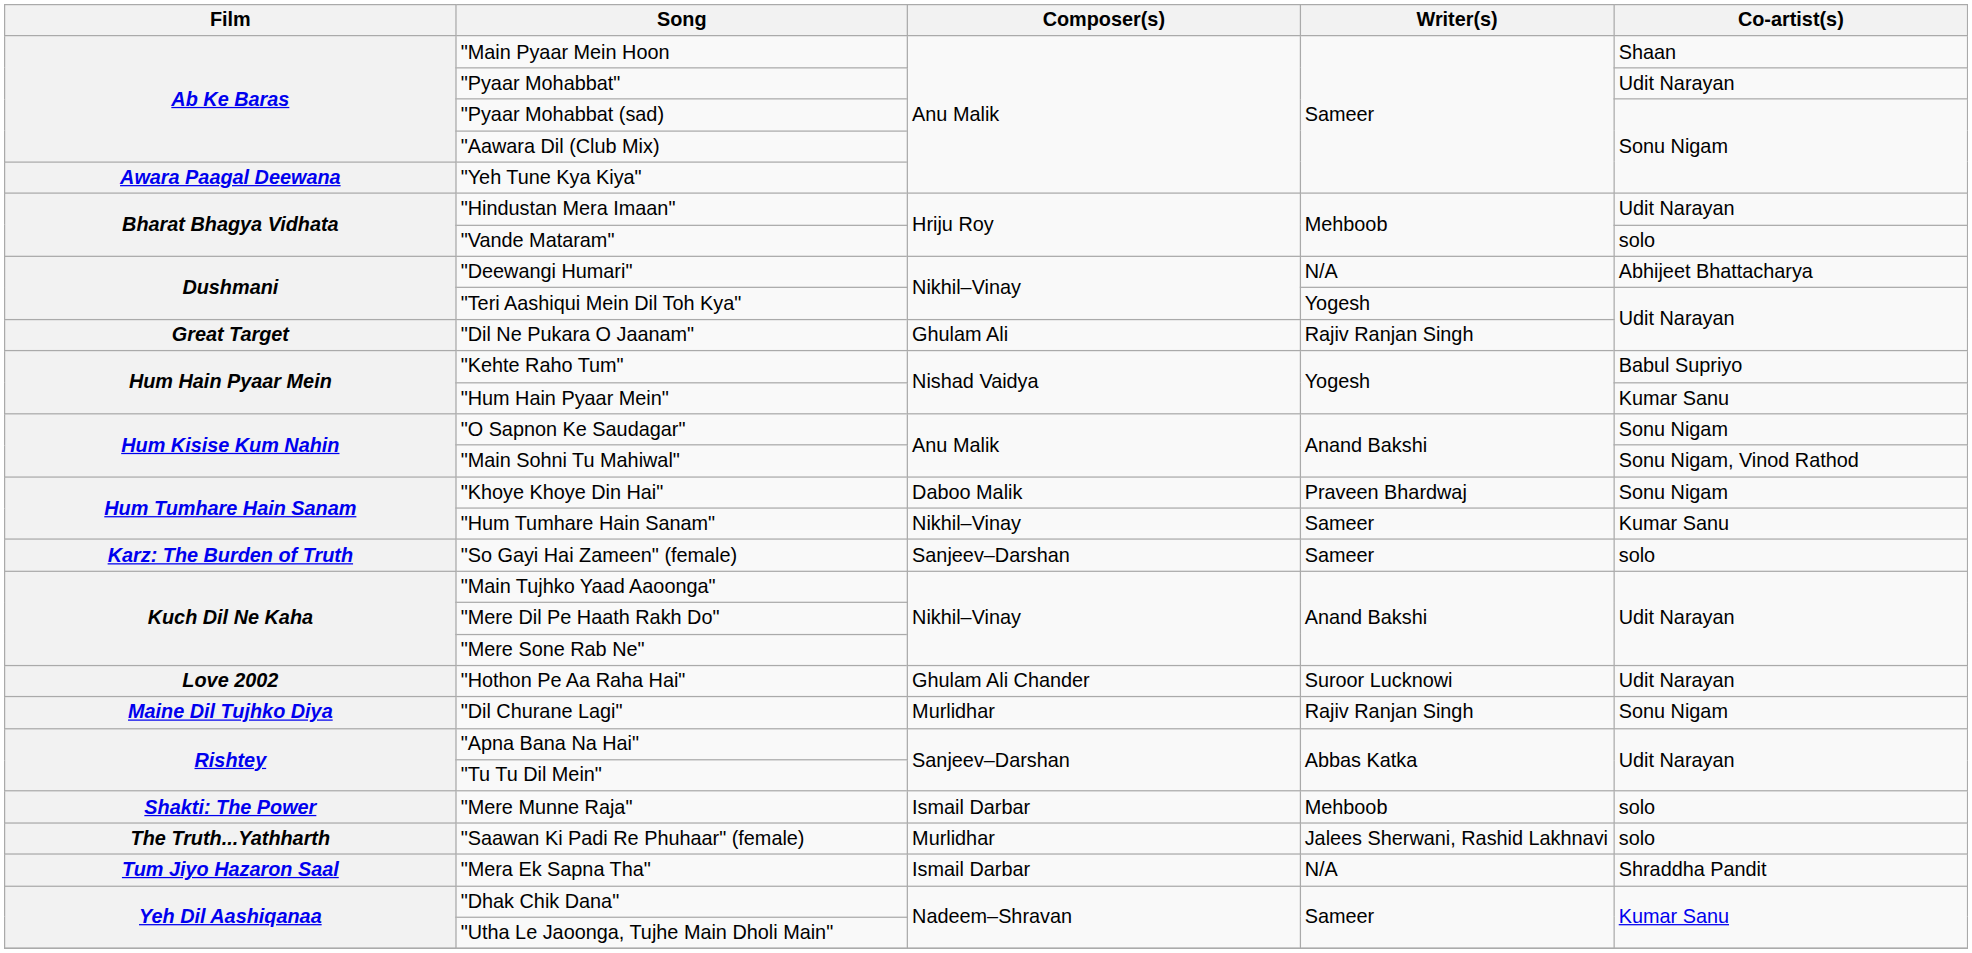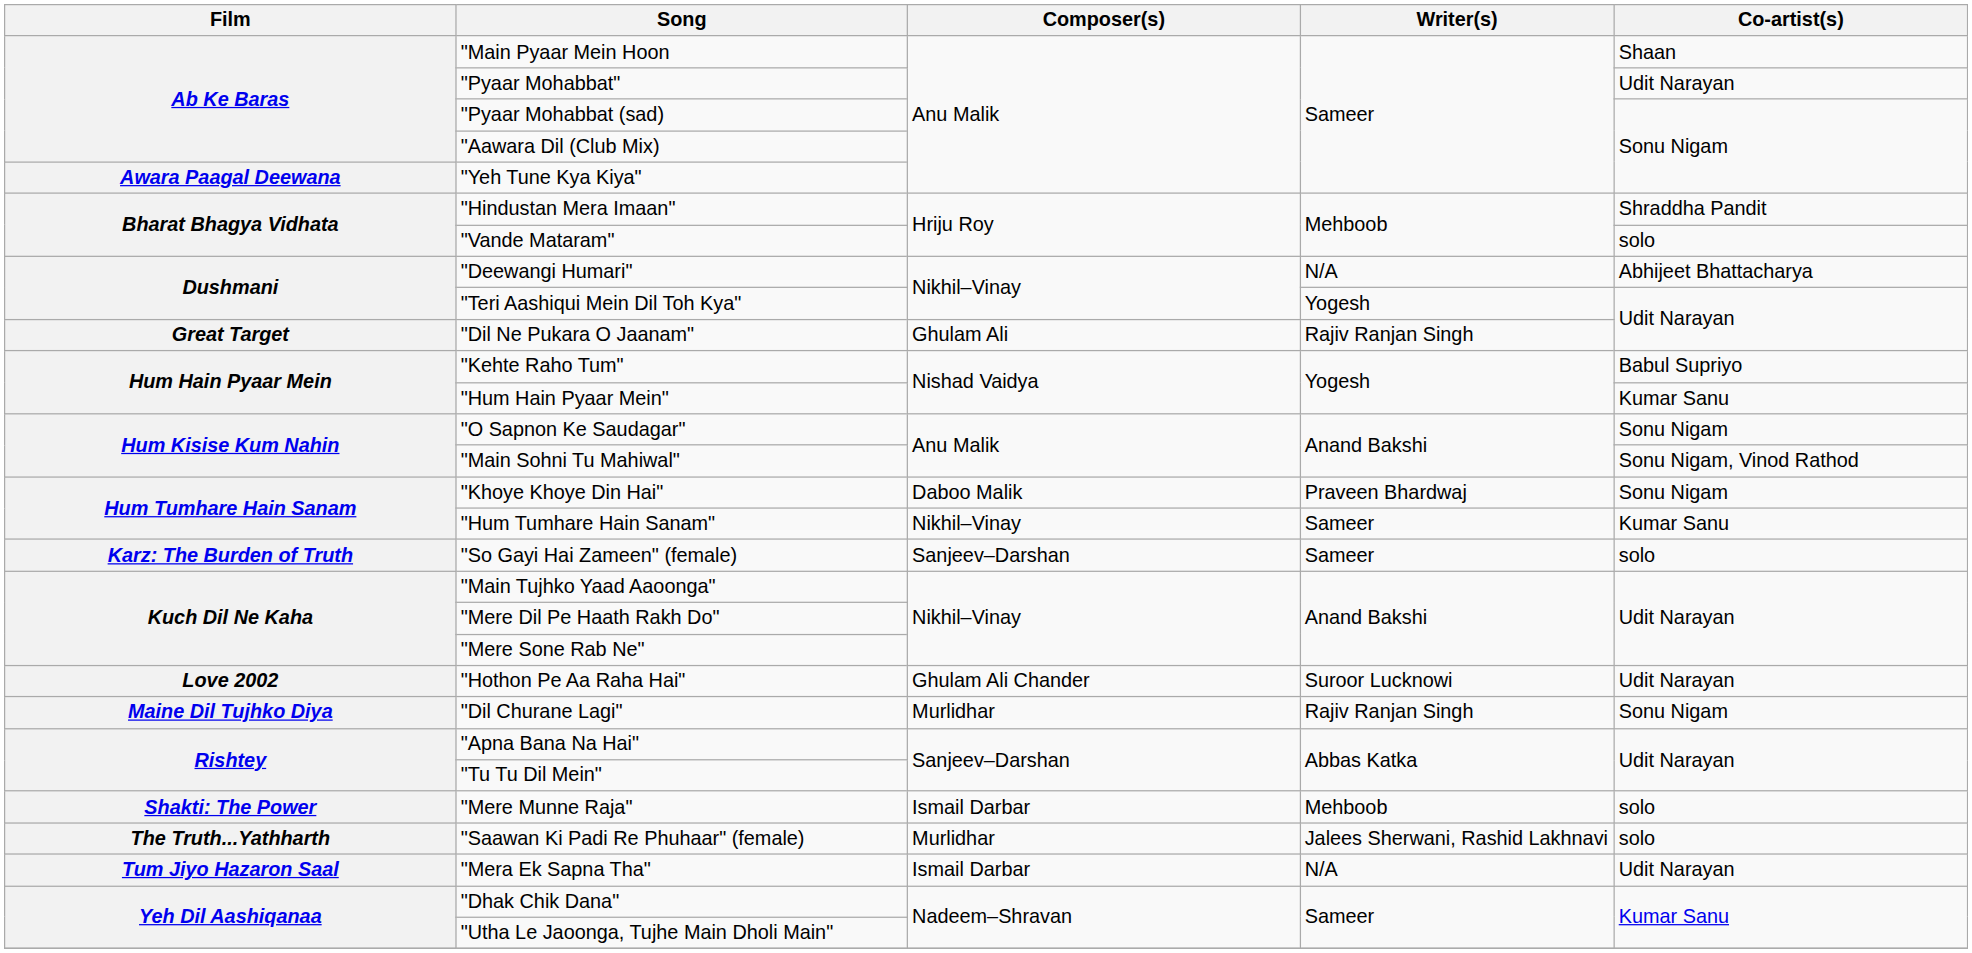 <table class="wikitable plainrowheaders" style="width:100%; textcolor:#000">
 <tr style="background:#b0e0e66;">
 <th scope="col" style="width:23%;"><strong>Film</strong></th>
 <th scope="col" style="width:23%;"><strong>Song</strong></th>
 <th scope="col" style="width:20%;"><strong>Composer(s)</strong></th>
 <th scope="col" style="width:16%;"><strong>Writer(s)</strong></th>
 <th scope="col" style="width:18%;"><strong>Co-artist(s)</strong></th>
 </tr>
 <tr>
 <th Rowspan=4><em><a href='#'>Ab Ke Baras</a></em></th>
 <td>"Main Pyaar Mein Hoon</td>
 <td rowspan=5>Anu Malik</td>
 <td rowspan=5>Sameer</td>
 <td>Shaan</td>
 </tr>
 <tr>
 <td>"Pyaar Mohabbat"</td>
 <td>Udit Narayan</td>
 </tr>
 <tr>
 <td>"Pyaar Mohabbat (sad)</td>
 <td rowspan=3>Sonu Nigam</td>
 </tr>
 <tr>
 <td>"Aawara Dil (Club Mix)</td>
 </tr>
 <tr>
 <th><em><a href='#'>Awara Paagal Deewana</a></em></th>
 <td>"Yeh Tune Kya Kiya"</td>
 </tr>
 <tr>
 <th Rowspan=2><em>Bharat Bhagya Vidhata</em></th>
 <td>"Hindustan Mera Imaan"</td>
 <td rowspan=2>Hriju Roy</td>
 <td Rowspan=2>Mehboob</td>
-<td>Udit Narayan</td>
+<td>Shraddha Pandit</td>
 </tr>
 <tr>
 <td>"Vande Mataram"</td>
 <td>solo</td>
 </tr>
 <tr>
 <th Rowspan=2><em>Dushmani</em></th>
 <td>"Deewangi Humari"</td>
 <td Rowspan=2>Nikhil–Vinay</td>
 <td>N/A</td>
 <td>Abhijeet Bhattacharya</td>
 </tr>
 <tr>
 <td>"Teri Aashiqui Mein Dil Toh Kya"</td>
 <td>Yogesh</td>
 <td rowspan=2>Udit Narayan</td>
 </tr>
 <tr>
 <th><em>Great Target</em></th>
 <td>"Dil Ne Pukara O Jaanam"</td>
 <td>Ghulam Ali</td>
 <td>Rajiv Ranjan Singh</td>
 </tr>
 <tr>
 <th Rowspan=2><em>Hum Hain Pyaar Mein</em></th>
 <td>"Kehte Raho Tum"</td>
 <td rowspan=2>Nishad Vaidya</td>
 <td rowspan=2>Yogesh</td>
 <td>Babul Supriyo</td>
 </tr>
 <tr>
 <td>"Hum Hain Pyaar Mein"</td>
 <td>Kumar Sanu</td>
 </tr>
 <tr>
 <th Rowspan=2><em><a href='#'>Hum Kisise Kum Nahin</a></em></th>
 <td>"O Sapnon Ke Saudagar"</td>
 <td Rowspan=2>Anu Malik</td>
 <td rowspan=2>Anand Bakshi</td>
 <td>Sonu Nigam</td>
 </tr>
 <tr>
 <td>"Main Sohni Tu Mahiwal"</td>
 <td>Sonu Nigam, Vinod Rathod</td>
 </tr>
 <tr>
 <th Rowspan=2><em><a href='#'>Hum Tumhare Hain Sanam</a></em></th>
 <td>"Khoye Khoye Din Hai"</td>
 <td>Daboo Malik</td>
 <td>Praveen Bhardwaj</td>
 <td>Sonu Nigam</td>
 </tr>
 <tr>
 <td>"Hum Tumhare Hain Sanam"</td>
 <td>Nikhil–Vinay</td>
 <td>Sameer</td>
 <td>Kumar Sanu</td>
 </tr>
 <tr>
 <th><em><a href='#'>Karz: The Burden of Truth</a></em></th>
 <td>"So Gayi Hai Zameen" (female)</td>
 <td>Sanjeev–Darshan</td>
 <td>Sameer</td>
 <td>solo</td>
 </tr>
 <tr>
 <th Rowspan=3><em>Kuch Dil Ne Kaha</em></th>
 <td>"Main Tujhko Yaad Aaoonga"</td>
 <td rowspan=3>Nikhil–Vinay</td>
 <td Rowspan=3>Anand Bakshi</td>
 <td rowspan=3>Udit Narayan</td>
 </tr>
 <tr>
 <td>"Mere Dil Pe Haath Rakh Do"</td>
 </tr>
 <tr>
 <td>"Mere Sone Rab Ne"</td>
 </tr>
 <tr>
 <th><em>Love 2002</em></th>
 <td>"Hothon Pe Aa Raha Hai"</td>
 <td>Ghulam Ali Chander</td>
 <td>Suroor Lucknowi</td>
 <td>Udit Narayan</td>
 </tr>
 <tr>
 <th><em><a href='#'>Maine Dil Tujhko Diya</a></em></th>
 <td>"Dil Churane Lagi"</td>
 <td>Murlidhar</td>
 <td>Rajiv Ranjan Singh</td>
 <td>Sonu Nigam</td>
 </tr>
 <tr>
 <th Rowspan=2><em><a href='#'>Rishtey</a></em></th>
 <td>"Apna Bana Na Hai"</td>
 <td rowspan=2>Sanjeev–Darshan</td>
 <td Rowspan=2>Abbas Katka</td>
 <td rowspan=2>Udit Narayan</td>
 </tr>
 <tr>
 <td>"Tu Tu Dil Mein"</td>
 </tr>
 <tr>
 <th><em><a href='#'>Shakti: The Power</a></em></th>
 <td>"Mere Munne Raja"</td>
 <td>Ismail Darbar</td>
 <td>Mehboob</td>
 <td>solo</td>
 </tr>
 <tr>
 <th><em>The Truth...Yathharth</em></th>
 <td>"Saawan Ki Padi Re Phuhaar" (female)</td>
 <td>Murlidhar</td>
 <td>Jalees Sherwani, Rashid Lakhnavi</td>
 <td>solo</td>
 </tr>
 <tr>
 <th><em><a href='#'>Tum Jiyo Hazaron Saal</a></em></th>
 <td>"Mera Ek Sapna Tha"</td>
 <td>Ismail Darbar</td>
 <td>N/A</td>
-<td>Shraddha Pandit</td>
+<td>Udit Narayan</td>
 </tr>
 <tr>
 <th Rowspan=2><em><a href='#'>Yeh Dil Aashiqanaa</a></em></th>
 <td>"Dhak Chik Dana"</td>
 <td rowspan=2>Nadeem–Shravan</td>
 <td rowspan=2>Sameer</td>
 <td Rowspan=2><a href='#'>Kumar Sanu</a></td>
 </tr>
 <tr>
 <td>"Utha Le Jaoonga, Tujhe Main Dholi Main"</td>
 </tr>
 <tr>
 </tr>
 </table>
